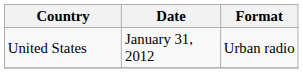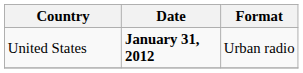 <table class="wikitable">
 <tr>
 <th width="120">Country</th>
 <th width="100">Date</th>
 <th>Format</th>
 </tr>
 <tr>
 <td>United States</td>
-<td>January 31, 2012</td>
+<td><strong>January 31, 2012</strong></td>
 <td>Urban radio</td>
 </tr>
 <tr>
 </tr>
 </table>
